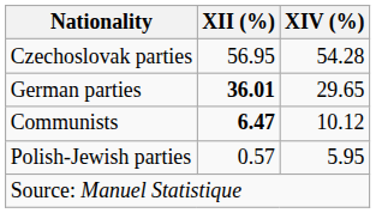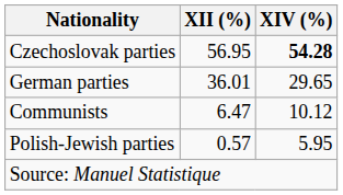 <table class=wikitable style=text-align:right>
 <tr>
 <th>Nationality</th>
 <th>XII (%)</th>
 <th>XIV (%)</th>
 </tr>
 <tr>
 <td align=left>Czechoslovak parties</td>
 <td>56.95</td>
-<td>54.28</td>
+<td><strong>54.28</strong></td>
 </tr>
 <tr>
 <td align=left>German parties</td>
-<td><strong>36.01</strong></td>
+<td>36.01</td>
 <td>29.65</td>
 </tr>
 <tr>
 <td align=left>Communists</td>
-<td><strong>6.47</strong></td>
+<td>6.47</td>
 <td>10.12</td>
 </tr>
 <tr>
 <td align=left>Polish-Jewish parties</td>
 <td>0.57</td>
 <td>5.95</td>
 </tr>
 <tr>
 <td align=left colspan=3>Source: <em>Manuel Statistique</em></td>
 </tr>
 </table>
